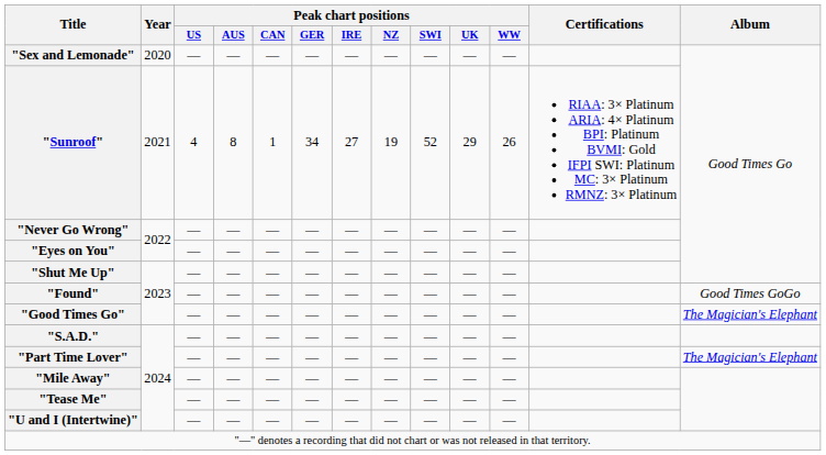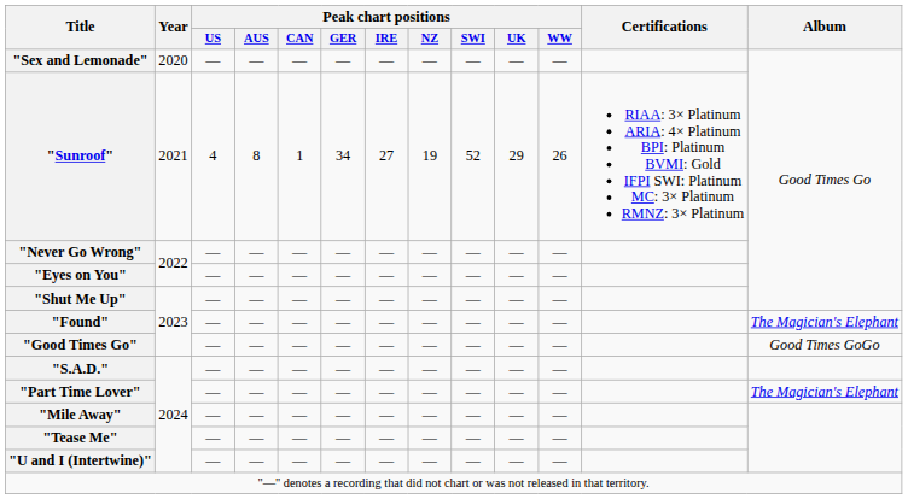 <table class="wikitable plainrowheaders" style="text-align:center;">
 <tr>
 <th scope="col" rowspan="2">Title</th>
 <th scope="col" rowspan="2">Year</th>
 <th scope="col" colspan="9">Peak chart positions</th>
 <th scope="col" rowspan="2">Certifications</th>
 <th scope="col" rowspan="2">Album</th>
 </tr>
 <tr>
 <th scope="col" style="width:3em;font-size:85%;"><a href='#'>US</a><br></th>
 <th scope="col" style="width:3em;font-size:85%;"><a href='#'>AUS</a><br></th>
 <th scope="col" style="width:3em;font-size:85%;"><a href='#'>CAN</a><br></th>
 <th scope="col" style="width:3em;font-size:85%;"><a href='#'>GER</a><br></th>
 <th scope="col" style="width:3em;font-size:85%;"><a href='#'>IRE</a><br></th>
 <th scope="col" style="width:3em;font-size:85%;"><a href='#'>NZ</a><br></th>
 <th scope="col" style="width:3em;font-size:85%;"><a href='#'>SWI</a><br></th>
 <th scope="col" style="width:3em;font-size:85%;"><a href='#'>UK</a><br></th>
 <th scope="col" style="width:3em;font-size:85%;"><a href='#'>WW</a><br></th>
 </tr>
 <tr>
 <th scope="row">"Sex and Lemonade" <br></th>
 <td>2020</td>
 <td>—</td>
 <td>—</td>
 <td>—</td>
 <td>—</td>
 <td>—</td>
 <td>—</td>
 <td>—</td>
 <td>—</td>
 <td>—</td>
 <td></td>
 <td rowspan="5"><em>Good Times Go</em></td>
 </tr>
 <tr>
 <th scope="row">"<a href='#'>Sunroof</a>" <br></th>
 <td>2021</td>
 <td>4</td>
 <td>8</td>
 <td>1</td>
 <td>34</td>
 <td>27</td>
 <td>19</td>
 <td>52</td>
 <td>29</td>
 <td>26</td>
 <td><br><ul><li><a href='#'>RIAA</a>: 3× Platinum</li><li><a href='#'>ARIA</a>: 4× Platinum</li><li><a href='#'>BPI</a>: Platinum</li><li><a href='#'>BVMI</a>: Gold</li><li><a href='#'>IFPI</a> SWI: Platinum</li><li><a href='#'>MC</a>: 3× Platinum</li><li><a href='#'>RMNZ</a>: 3× Platinum</li></ul></td>
 </tr>
 <tr>
 <th scope="row">"Never Go Wrong"<br></th>
 <td rowspan="2">2022</td>
 <td>—</td>
 <td>—</td>
 <td>—</td>
 <td>—</td>
 <td>—</td>
 <td>—</td>
 <td>—</td>
 <td>—</td>
 <td>—</td>
 <td></td>
 </tr>
 <tr>
 <th scope="row">"Eyes on You"</th>
 <td>—</td>
 <td>—</td>
 <td>—</td>
 <td>—</td>
 <td>—</td>
 <td>—</td>
 <td>—</td>
 <td>—</td>
 <td>—</td>
 <td></td>
 </tr>
 <tr>
 <th scope="row">"Shut Me Up"</th>
 <td rowspan="3">2023</td>
 <td>—</td>
 <td>—</td>
 <td>—</td>
 <td>—</td>
 <td>—</td>
 <td>—</td>
 <td>—</td>
 <td>—</td>
 <td>—</td>
 <td></td>
 </tr>
 <tr>
 <th scope="row">"Found"</th>
 <td>—</td>
 <td>—</td>
 <td>—</td>
 <td>—</td>
 <td>—</td>
 <td>—</td>
 <td>—</td>
 <td>—</td>
 <td>—</td>
 <td></td>
-<td><em>Good Times GoGo</em></td>
+<td><em><a href='#'>The Magician's Elephant</a></em></td>
 </tr>
 <tr>
 <th scope="row">"Good Times Go"</th>
 <td>—</td>
 <td>—</td>
 <td>—</td>
 <td>—</td>
 <td>—</td>
 <td>—</td>
 <td>—</td>
 <td>—</td>
 <td>—</td>
 <td></td>
-<td><em><a href='#'>The Magician's Elephant</a></em></td>
+<td><em>Good Times GoGo</em></td>
 </tr>
 <tr>
 <th scope="row">"S.A.D."</th>
 <td rowspan="5">2024</td>
 <td>—</td>
 <td>—</td>
 <td>—</td>
 <td>—</td>
 <td>—</td>
 <td>—</td>
 <td>—</td>
 <td>—</td>
 <td>—</td>
 <td></td>
 <td></td>
 </tr>
 <tr>
 <th scope="row">"Part Time Lover"</th>
 <td>—</td>
 <td>—</td>
 <td>—</td>
 <td>—</td>
 <td>—</td>
 <td>—</td>
 <td>—</td>
 <td>—</td>
 <td>—</td>
 <td></td>
 <td><em><a href='#'>The Magician's Elephant</a></em></td>
 </tr>
 <tr>
 <th scope="row">"Mile Away"</th>
 <td>—</td>
 <td>—</td>
 <td>—</td>
 <td>—</td>
 <td>—</td>
 <td>—</td>
 <td>—</td>
 <td>—</td>
 <td>—</td>
 <td></td>
 </tr>
 <tr>
 <th scope="row">"Tease Me"</th>
 <td>—</td>
 <td>—</td>
 <td>—</td>
 <td>—</td>
 <td>—</td>
 <td>—</td>
 <td>—</td>
 <td>—</td>
 <td>—</td>
 <td></td>
 </tr>
 <tr>
 <th scope="row">"U and I (Intertwine)"</th>
 <td>—</td>
 <td>—</td>
 <td>—</td>
 <td>—</td>
 <td>—</td>
 <td>—</td>
 <td>—</td>
 <td>—</td>
 <td>—</td>
 <td></td>
 </tr>
 <tr>
 <td colspan="13" style="font-size:85%;">"—" denotes a recording that did not chart or was not released in that territory.</td>
 </tr>
 </table>
